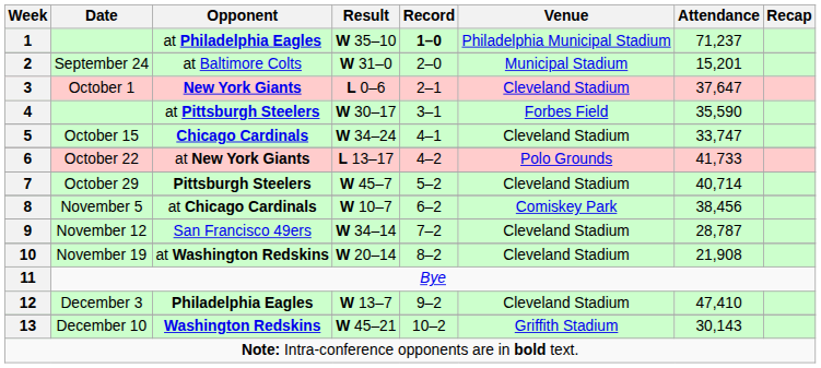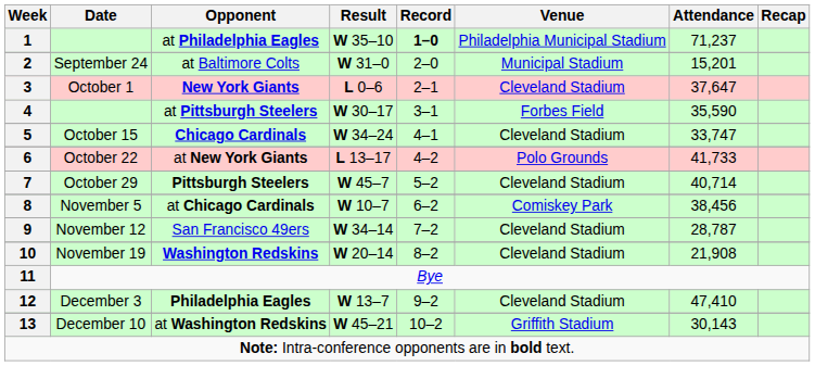 <table class="wikitable" style="text-align:center">
 <tr>
 <th>Week</th>
 <th>Date</th>
 <th>Opponent</th>
 <th>Result</th>
 <th>Record</th>
 <th>Venue</th>
 <th>Attendance</th>
 <th>Recap</th>
 </tr>
 <tr style="background: #cfc;">
 <th>1</th>
 <td></td>
 <td>at <strong><a href='#'>Philadelphia Eagles</a></strong></td>
 <td><strong>W</strong> 35–10</td>
 <td><strong>1–0</strong></td>
 <td><a href='#'>Philadelphia Municipal Stadium</a></td>
 <td>71,237</td>
 <td></td>
 </tr>
 <tr>
 </tr>
 <tr style="background: #cfc;">
 <th>2</th>
 <td>September 24</td>
 <td>at <a href='#'>Baltimore Colts</a></td>
 <td><strong>W</strong> 31–0</td>
 <td>2–0</td>
 <td><a href='#'>Municipal Stadium</a></td>
 <td>15,201</td>
 <td></td>
 </tr>
 <tr style="background: #fcc;">
 <th>3</th>
 <td>October 1</td>
 <td><strong><a href='#'>New York Giants</a></strong></td>
 <td><strong>L</strong> 0–6</td>
 <td>2–1</td>
 <td><a href='#'>Cleveland Stadium</a></td>
 <td>37,647</td>
 <td></td>
 </tr>
 <tr style="background: #cfc;">
 <th>4</th>
 <td></td>
 <td>at <strong><a href='#'>Pittsburgh Steelers</a></strong></td>
 <td><strong>W</strong> 30–17</td>
 <td>3–1</td>
 <td><a href='#'>Forbes Field</a></td>
 <td>35,590</td>
 <td></td>
 </tr>
 <tr>
 </tr>
 <tr style="background: #cfc;">
 <th>5</th>
 <td>October 15</td>
 <td><strong><a href='#'>Chicago Cardinals</a></strong></td>
 <td><strong>W</strong> 34–24</td>
 <td>4–1</td>
 <td>Cleveland Stadium</td>
 <td>33,747</td>
 <td></td>
 </tr>
 <tr>
 </tr>
 <tr style="background: #fcc;">
 <th>6</th>
 <td>October 22</td>
 <td>at <strong>New York Giants</strong></td>
 <td><strong>L</strong> 13–17</td>
 <td>4–2</td>
 <td><a href='#'>Polo Grounds</a></td>
 <td>41,733</td>
 <td></td>
 </tr>
 <tr>
 </tr>
 <tr style="background: #cfc;">
 <th>7</th>
 <td>October 29</td>
 <td><strong>Pittsburgh Steelers</strong></td>
 <td><strong>W</strong> 45–7</td>
 <td>5–2</td>
 <td>Cleveland Stadium</td>
 <td>40,714</td>
 <td></td>
 </tr>
 <tr>
 </tr>
 <tr style="background: #cfc;">
 <th>8</th>
 <td>November 5</td>
 <td>at <strong>Chicago Cardinals</strong></td>
 <td><strong>W</strong> 10–7</td>
 <td>6–2</td>
 <td><a href='#'>Comiskey Park</a></td>
 <td>38,456</td>
 <td style="text-align:center;"></td>
 </tr>
 <tr>
 </tr>
 <tr style="background: #cfc;">
 <th>9</th>
 <td>November 12</td>
 <td><a href='#'>San Francisco 49ers</a></td>
 <td><strong>W</strong> 34–14</td>
 <td>7–2</td>
 <td>Cleveland Stadium</td>
 <td>28,787</td>
 <td></td>
 </tr>
 <tr>
 </tr>
 <tr style="background: #cfc;">
 <th>10</th>
 <td>November 19</td>
-<td>at <strong>Washington Redskins</strong></td>
+<td><strong><a href='#'>Washington Redskins</a></strong></td>
 <td><strong>W</strong> 20–14</td>
 <td>8–2</td>
 <td>Cleveland Stadium</td>
 <td>21,908</td>
 <td></td>
 </tr>
 <tr>
 <th>11</th>
 <td colspan="7"><em><a href='#'>Bye</a></em></td>
 </tr>
 <tr style="background: #cfc;">
 <th>12</th>
 <td>December 3</td>
 <td><strong>Philadelphia Eagles</strong></td>
 <td><strong>W</strong> 13–7</td>
 <td>9–2</td>
 <td>Cleveland Stadium</td>
 <td>47,410</td>
 <td style="text-align:center;"></td>
 </tr>
 <tr>
 </tr>
 <tr style="background: #cfc;">
 <th>13</th>
 <td>December 10</td>
-<td><strong><a href='#'>Washington Redskins</a></strong></td>
+<td>at <strong>Washington Redskins</strong></td>
 <td><strong>W</strong> 45–21</td>
 <td>10–2</td>
 <td><a href='#'>Griffith Stadium</a></td>
 <td>30,143</td>
 <td></td>
 </tr>
 <tr>
 <td colspan="8"><strong>Note:</strong> Intra-conference opponents are in <strong>bold</strong> text.</td>
 </tr>
 </table>
